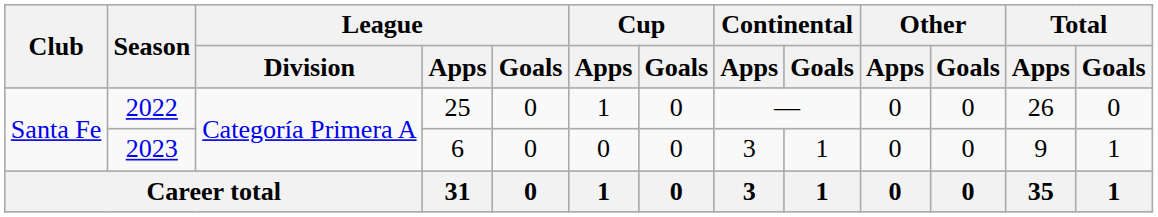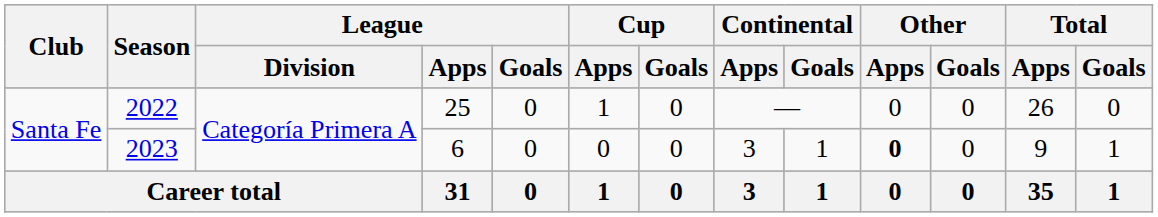 <table class=wikitable style=text-align:center>
 <tr>
 <th rowspan="2">Club</th>
 <th rowspan="2">Season</th>
 <th colspan="3">League</th>
 <th colspan="2">Cup</th>
 <th colspan="2">Continental</th>
 <th colspan="2">Other</th>
 <th colspan="2">Total</th>
 </tr>
 <tr>
 <th>Division</th>
 <th>Apps</th>
 <th>Goals</th>
 <th>Apps</th>
 <th>Goals</th>
 <th>Apps</th>
 <th>Goals</th>
 <th>Apps</th>
 <th>Goals</th>
 <th>Apps</th>
 <th>Goals</th>
 </tr>
 <tr>
 <td rowspan="2"><a href='#'>Santa Fe</a></td>
 <td><a href='#'>2022</a></td>
 <td rowspan="2"><a href='#'>Categoría Primera A</a></td>
 <td>25</td>
 <td>0</td>
 <td>1</td>
 <td>0</td>
 <td colspan="2">—</td>
 <td>0</td>
 <td>0</td>
 <td>26</td>
 <td>0</td>
 </tr>
 <tr>
 <td><a href='#'>2023</a></td>
 <td>6</td>
 <td>0</td>
 <td>0</td>
 <td>0</td>
 <td>3</td>
 <td>1</td>
-<td>0</td>
+<td><strong>0</strong></td>
 <td>0</td>
 <td>9</td>
 <td>1</td>
 </tr>
 <tr>
 <th colspan="3">Career total</th>
 <th>31</th>
 <th>0</th>
 <th>1</th>
 <th>0</th>
 <th>3</th>
 <th>1</th>
 <th>0</th>
 <th>0</th>
 <th>35</th>
 <th>1</th>
 </tr>
 </table>
